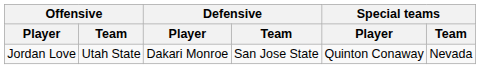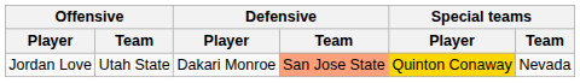 <table class="wikitable">
 <tr>
 <th colspan="2">Offensive</th>
 <th colspan="2">Defensive</th>
 <th colspan="2">Special teams</th>
 </tr>
 <tr>
 <th>Player</th>
 <th>Team</th>
 <th>Player</th>
 <th>Team</th>
 <th>Player</th>
 <th>Team</th>
 </tr>
 <tr>
 <td>Jordan Love</td>
 <td>Utah State</td>
 <td>Dakari Monroe</td>
-<td>San Jose State</td>
-<td>Quinton Conaway</td>
+<td style="background: lightsalmon;">San Jose State</td>
+<td style="background: gold;">Quinton Conaway</td>
 <td>Nevada</td>
 </tr>
 </table>
